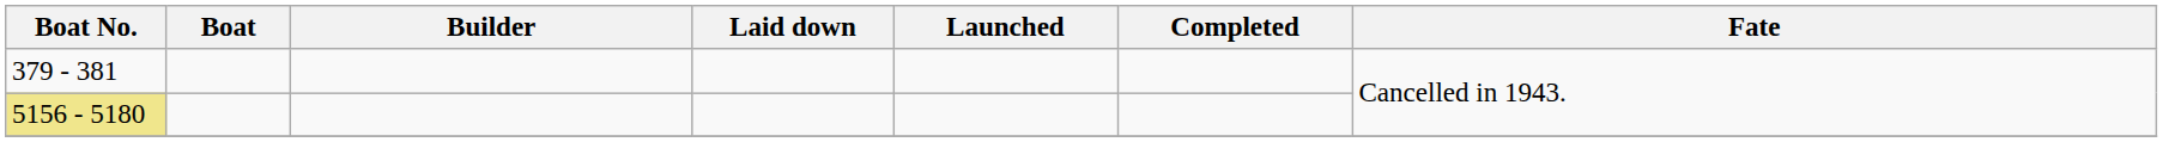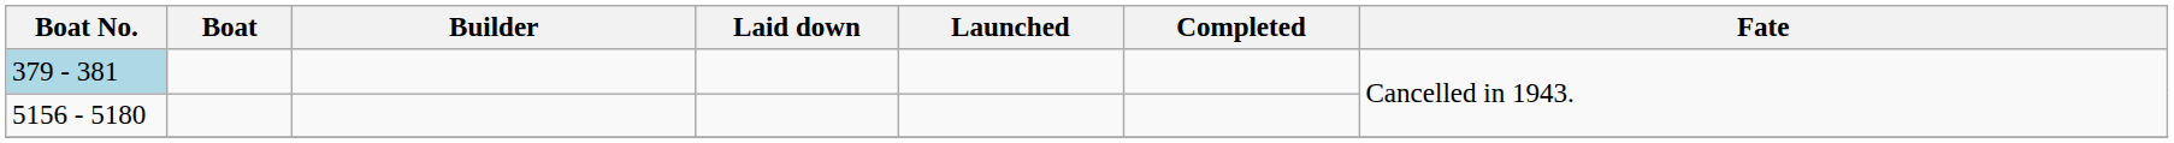 <table class="wikitable">
 <tr>
 <th width="4%">Boat No.</th>
 <th width="3%">Boat</th>
 <th width="10%">Builder</th>
 <th width="5%">Laid down</th>
 <th width="5%">Launched</th>
 <th width="5%">Completed</th>
 <th width="20%">Fate</th>
 </tr>
 <tr>
-<td>379 - 381</td>
+<td style="background: lightblue;">379 - 381</td>
 <td></td>
 <td></td>
 <td></td>
 <td></td>
 <td></td>
 <td rowspan="2">Cancelled in 1943.</td>
 </tr>
 <tr>
-<td style="background: khaki;">5156 - 5180</td>
+<td>5156 - 5180</td>
 <td></td>
 <td></td>
 <td></td>
 <td></td>
 <td></td>
 </tr>
 <tr>
 </tr>
 </table>
